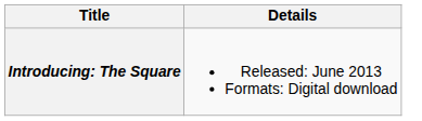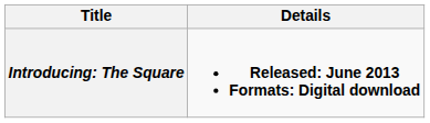 <table class="wikitable plainrowheaders" style="text-align:center;">
 <tr>
 <th scope="col">Title</th>
 <th scope="col">Details</th>
 </tr>
 <tr>
 <th scope="row"><strong><em>Introducing: The Square</em></strong></th>
-<td><br><ul><li>Released: June 2013</li><li>Formats: Digital download</li></ul></td>
+<td><strong><br><ul><li>Released: June 2013</li><li>Formats: Digital download</li></ul></strong></td>
 </tr>
 </table>
